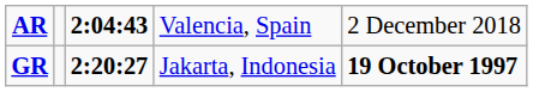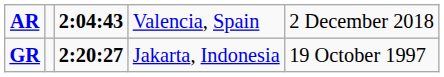 <table class="wikitable" style="font-size:95%; position:relative;">
 <tr>
 <td align=center><strong><a href='#'>AR</a></strong></td>
 <td></td>
 <td><strong>2:04:43</strong></td>
 <td><a href='#'>Valencia</a>, <a href='#'>Spain</a></td>
 <td>2 December 2018</td>
 </tr>
 <tr>
 <td align=center><strong><a href='#'>GR</a></strong></td>
 <td></td>
 <td><strong>	2:20:27</strong></td>
 <td><a href='#'>Jakarta</a>, <a href='#'>Indonesia</a></td>
-<td><strong>19 October 1997</strong></td>
+<td>19 October 1997</td>
 </tr>
 </table>
